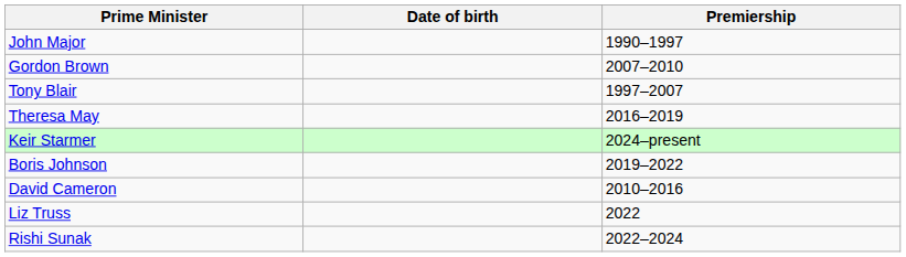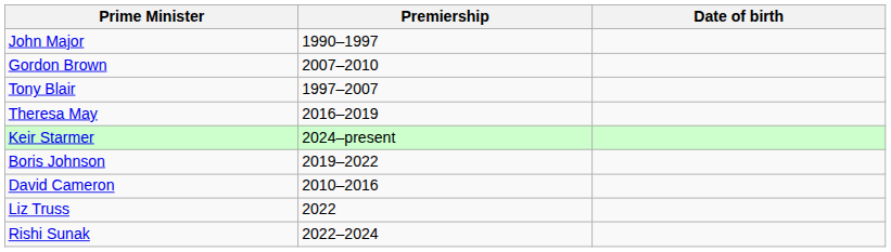 <table class="wikitable sortable">
 <tr>
 <th scope="col" style="width:300px">Prime Minister</th>
+<th scope="col" style="width:300px">Premiership</th>
 <th scope="col" style="width:300px">Date of birth</th>
-<th scope="col" style="width:300px">Premiership</th>
 </tr>
 <tr>
 <td><a href='#'>John Major</a></td>
+<td>1990–1997</td>
 <td></td>
-<td>1990–1997</td>
 </tr>
 <tr>
 <td><a href='#'>Gordon Brown</a></td>
+<td>2007–2010</td>
 <td></td>
-<td>2007–2010</td>
 </tr>
 <tr>
 <td><a href='#'>Tony Blair</a></td>
+<td>1997–2007</td>
 <td></td>
-<td>1997–2007</td>
 </tr>
 <tr>
 <td><a href='#'>Theresa May</a></td>
+<td>2016–2019</td>
 <td></td>
-<td>2016–2019</td>
 </tr>
 <tr style="background:#CFC;">
 <td><a href='#'>Keir Starmer</a></td>
+<td>2024–present</td>
 <td></td>
-<td>2024–present</td>
 </tr>
 <tr>
 <td><a href='#'>Boris Johnson</a></td>
+<td>2019–2022</td>
 <td></td>
-<td>2019–2022</td>
 </tr>
 <tr>
 <td><a href='#'>David Cameron</a></td>
+<td>2010–2016</td>
 <td></td>
-<td>2010–2016</td>
 </tr>
 <tr>
 <td><a href='#'>Liz Truss</a></td>
+<td>2022</td>
 <td></td>
-<td>2022</td>
 </tr>
 <tr>
 <td><a href='#'>Rishi Sunak</a></td>
+<td>2022–2024</td>
 <td></td>
-<td>2022–2024</td>
 </tr>
 </table>
